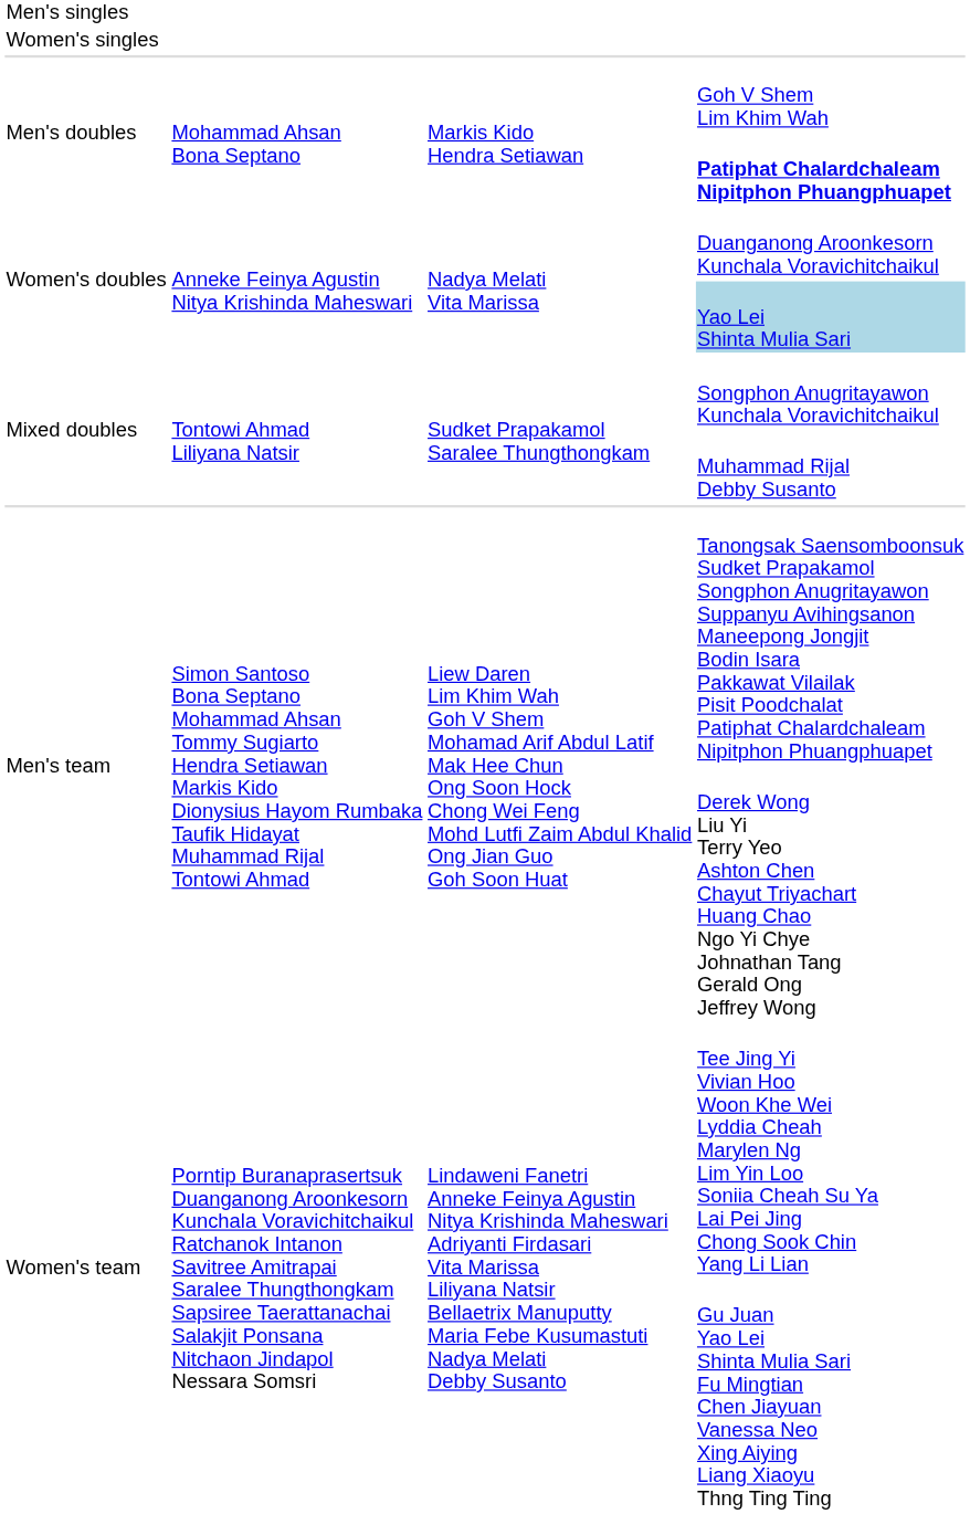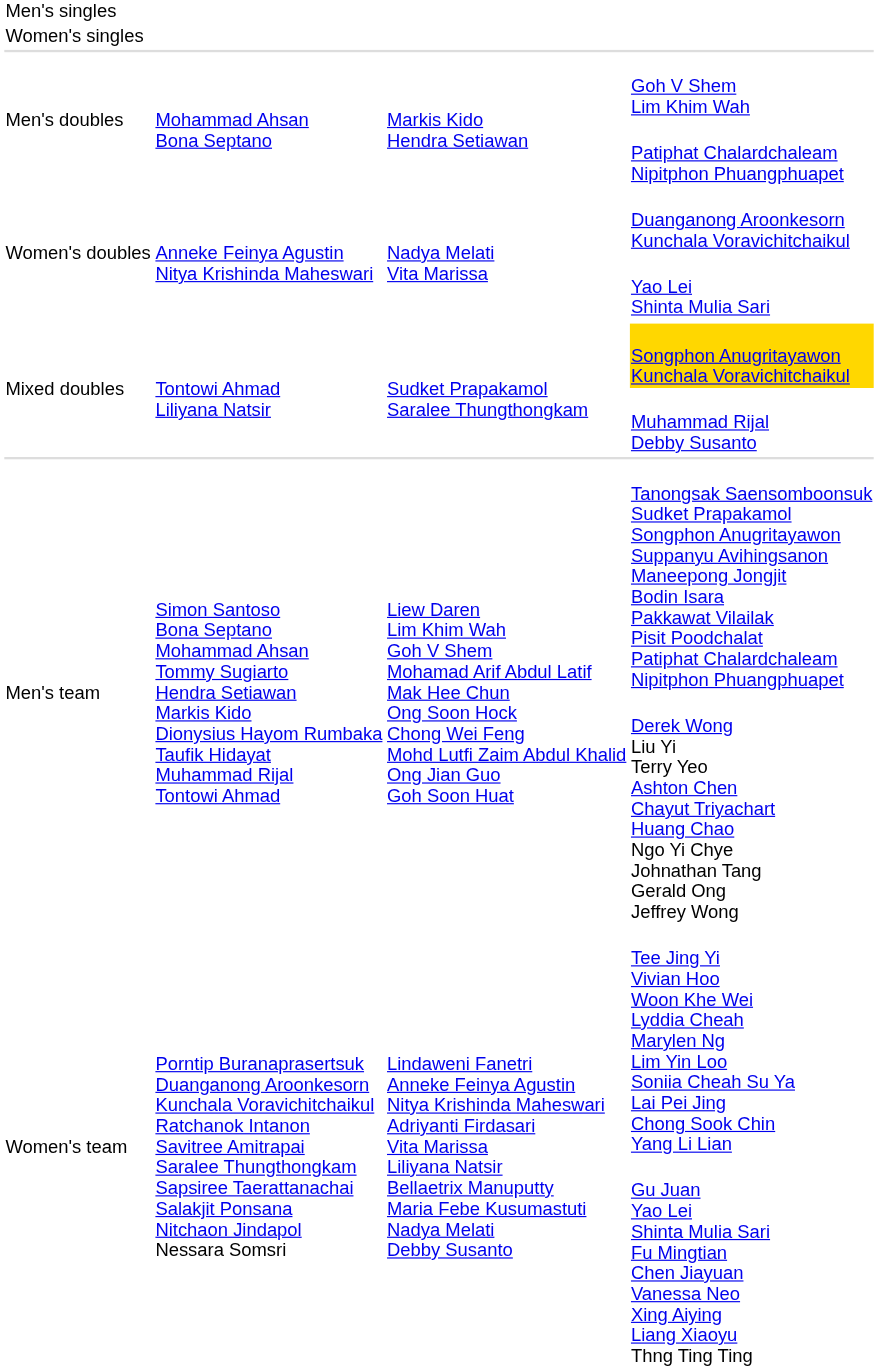 <table>
 <tr>
 <td rowspan=2>Men's singles<br></td>
 <td rowspan=2></td>
 <td rowspan=2></td>
 <td></td>
 </tr>
 <tr>
 <td></td>
 </tr>
 <tr>
 <td rowspan=2>Women's singles<br></td>
 <td rowspan=2></td>
 <td rowspan=2></td>
 <td></td>
 </tr>
 <tr>
 <td></td>
 </tr>
 <tr style="background:#dddddd;">
 <td colspan=7></td>
 </tr>
 <tr>
 <td rowspan=2>Men's doubles<br></td>
 <td rowspan=2> <br><a href='#'>Mohammad Ahsan</a><br><a href='#'>Bona Septano</a></td>
 <td rowspan=2> <br><a href='#'>Markis Kido</a> <br><a href='#'>Hendra Setiawan</a></td>
 <td> <br><a href='#'>Goh V Shem</a> <br><a href='#'>Lim Khim Wah</a></td>
 </tr>
 <tr>
-<td><strong> <br><a href='#'>Patiphat Chalardchaleam</a> <br><a href='#'>Nipitphon Phuangphuapet</a></strong></td>
+<td> <br><a href='#'>Patiphat Chalardchaleam</a> <br><a href='#'>Nipitphon Phuangphuapet</a></td>
 </tr>
 <tr>
 <td rowspan=2>Women's doubles<br></td>
 <td rowspan=2> <br><a href='#'>Anneke Feinya Agustin</a><br><a href='#'>Nitya Krishinda Maheswari</a></td>
 <td rowspan=2> <br><a href='#'>Nadya Melati</a><br><a href='#'>Vita Marissa</a></td>
 <td> <br><a href='#'>Duanganong Aroonkesorn</a><br><a href='#'>Kunchala Voravichitchaikul</a></td>
 </tr>
 <tr>
-<td style="background: lightblue;"> <br><a href='#'>Yao Lei</a><br><a href='#'>Shinta Mulia Sari</a></td>
+<td> <br><a href='#'>Yao Lei</a><br><a href='#'>Shinta Mulia Sari</a></td>
 </tr>
 <tr>
 </tr>
 <tr>
 <td rowspan=2>Mixed doubles<br></td>
 <td rowspan=2> <br><a href='#'>Tontowi Ahmad</a><br><a href='#'>Liliyana Natsir</a></td>
 <td rowspan=2> <br><a href='#'>Sudket Prapakamol</a><br><a href='#'>Saralee Thungthongkam</a></td>
-<td> <br><a href='#'>Songphon Anugritayawon</a><br><a href='#'>Kunchala Voravichitchaikul</a></td>
+<td style="background: gold;"> <br><a href='#'>Songphon Anugritayawon</a><br><a href='#'>Kunchala Voravichitchaikul</a></td>
 </tr>
 <tr>
 <td> <br><a href='#'>Muhammad Rijal</a><br><a href='#'>Debby Susanto</a></td>
 </tr>
 <tr style="background:#dddddd;">
 <td colspan=7></td>
 </tr>
 <tr>
 <td rowspan=2>Men's team<br></td>
 <td rowspan=2><br><a href='#'>Simon Santoso</a><br><a href='#'>Bona Septano</a><br><a href='#'>Mohammad Ahsan</a><br><a href='#'>Tommy Sugiarto</a><br><a href='#'>Hendra Setiawan</a><br><a href='#'>Markis Kido</a><br><a href='#'>Dionysius Hayom Rumbaka</a><br><a href='#'>Taufik Hidayat</a><br><a href='#'>Muhammad Rijal</a><br><a href='#'>Tontowi Ahmad</a></td>
 <td rowspan=2><br><a href='#'>Liew Daren</a><br><a href='#'>Lim Khim Wah</a><br><a href='#'>Goh V Shem</a><br><a href='#'>Mohamad Arif Abdul Latif</a><br><a href='#'>Mak Hee Chun</a><br><a href='#'>Ong Soon Hock</a><br><a href='#'>Chong Wei Feng</a><br><a href='#'>Mohd Lutfi Zaim Abdul Khalid</a><br><a href='#'>Ong Jian Guo</a><br><a href='#'>Goh Soon Huat</a></td>
 <td {rowspan=2><br><a href='#'>Tanongsak Saensomboonsuk</a><br><a href='#'>Sudket Prapakamol</a><br><a href='#'>Songphon Anugritayawon</a><br><a href='#'>Suppanyu Avihingsanon</a><br><a href='#'>Maneepong Jongjit</a><br><a href='#'>Bodin Isara</a><br><a href='#'>Pakkawat Vilailak</a><br><a href='#'>Pisit Poodchalat</a><br><a href='#'>Patiphat Chalardchaleam</a><br><a href='#'>Nipitphon Phuangphuapet</a></td>
 </tr>
 <tr>
 <td><br><a href='#'>Derek Wong</a><br>Liu Yi<br>Terry Yeo<br><a href='#'>Ashton Chen</a><br><a href='#'>Chayut Triyachart</a><br><a href='#'>Huang Chao</a><br>Ngo Yi Chye<br>Johnathan Tang<br>Gerald Ong<br>Jeffrey Wong</td>
 </tr>
 <tr>
 <td rowspan=2>Women's team<br></td>
 <td rowspan=2><br><a href='#'>Porntip Buranaprasertsuk</a><br><a href='#'>Duanganong Aroonkesorn</a><br><a href='#'>Kunchala Voravichitchaikul</a><br><a href='#'>Ratchanok Intanon</a><br><a href='#'>Savitree Amitrapai</a><br><a href='#'>Saralee Thungthongkam</a><br><a href='#'>Sapsiree Taerattanachai</a><br><a href='#'>Salakjit Ponsana</a><br><a href='#'>Nitchaon Jindapol</a><br>Nessara Somsri</td>
 <td rowspan=2><br><a href='#'>Lindaweni Fanetri</a><br><a href='#'>Anneke Feinya Agustin</a><br><a href='#'>Nitya Krishinda Maheswari</a><br><a href='#'>Adriyanti Firdasari</a><br><a href='#'>Vita Marissa</a><br><a href='#'>Liliyana Natsir</a><br><a href='#'>Bellaetrix Manuputty</a><br><a href='#'>Maria Febe Kusumastuti</a><br><a href='#'>Nadya Melati</a><br><a href='#'>Debby Susanto</a></td>
 <td><br><a href='#'>Tee Jing Yi</a><br><a href='#'>Vivian Hoo</a><br><a href='#'>Woon Khe Wei</a><br><a href='#'>Lyddia Cheah</a><br><a href='#'>Marylen Ng</a><br><a href='#'>Lim Yin Loo</a><br><a href='#'>Soniia Cheah Su Ya</a><br><a href='#'>Lai Pei Jing</a><br><a href='#'>Chong Sook Chin</a><br><a href='#'>Yang Li Lian</a></td>
 </tr>
 <tr>
 <td><br><a href='#'>Gu Juan</a><br><a href='#'>Yao Lei</a><br><a href='#'>Shinta Mulia Sari</a><br><a href='#'>Fu Mingtian</a><br><a href='#'>Chen Jiayuan</a><br><a href='#'>Vanessa Neo</a><br><a href='#'>Xing Aiying</a><br><a href='#'>Liang Xiaoyu</a><br>Thng Ting Ting</td>
 </tr>
 </table>
